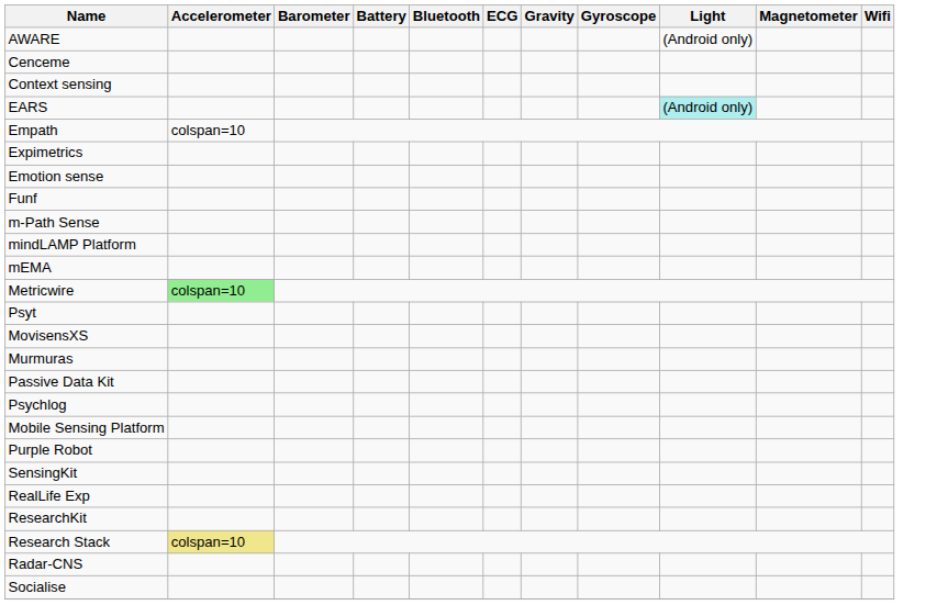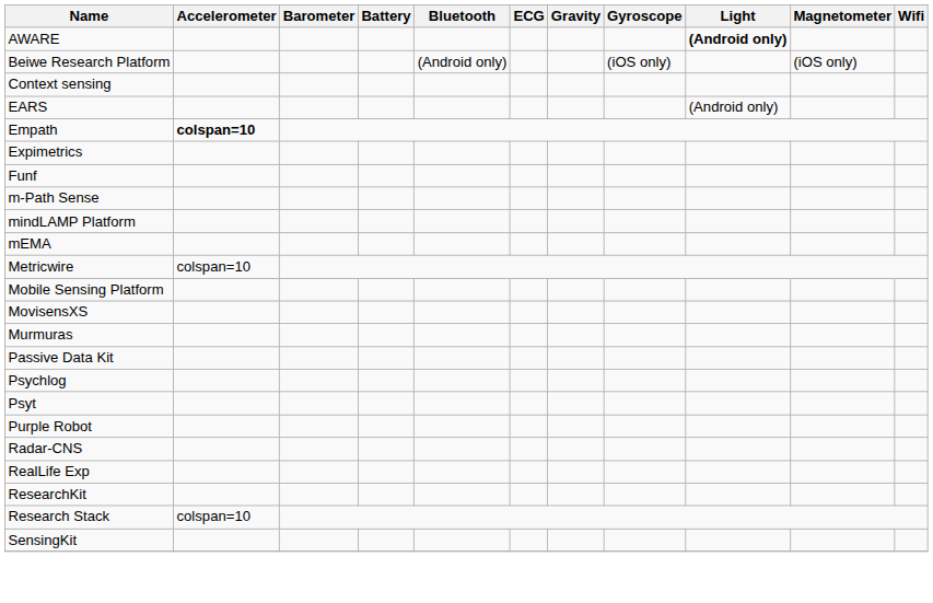 <table class="wikitable sortable">
 <tr>
 <th>Name</th>
 <th>Accelerometer</th>
 <th>Barometer</th>
 <th>Battery</th>
 <th>Bluetooth</th>
 <th>ECG</th>
 <th>Gravity</th>
 <th>Gyroscope</th>
 <th>Light</th>
 <th>Magnetometer</th>
 <th>Wifi</th>
 </tr>
 <tr>
 <td>AWARE</td>
 <td></td>
 <td></td>
 <td></td>
 <td></td>
 <td></td>
 <td></td>
 <td></td>
-<td> (Android only)</td>
+<td><strong> (Android only)</strong></td>
 <td></td>
 <td></td>
 </tr>
 <tr>
-<td>Cenceme</td>
+<td>Beiwe Research Platform</td>
 <td></td>
 <td></td>
 <td></td>
+<td> (Android only)</td>
 <td></td>
 <td></td>
+<td> (iOS only)</td>
 <td></td>
-<td></td>
-<td></td>
-<td></td>
+<td> (iOS only)</td>
 <td></td>
 </tr>
 <tr>
 <td>Context sensing</td>
 <td></td>
 <td></td>
 <td></td>
 <td></td>
 <td></td>
 <td></td>
 <td></td>
 <td></td>
 <td></td>
 <td></td>
 </tr>
 <tr>
 <td>EARS</td>
 <td></td>
 <td></td>
 <td></td>
 <td></td>
 <td></td>
 <td></td>
 <td></td>
-<td style="background: paleturquoise;"> (Android only)</td>
+<td> (Android only)</td>
 <td></td>
 <td></td>
 </tr>
 <tr>
 <td>Empath</td>
-<td>colspan=10 </td>
+<td><strong>colspan=10 </strong></td>
 </tr>
 <tr>
 <td>Expimetrics</td>
-<td></td>
-<td></td>
-<td></td>
-<td></td>
-<td></td>
-<td></td>
-<td></td>
-<td></td>
-<td></td>
-<td></td>
-</tr>
-<tr>
-<td>Emotion sense</td>
 <td></td>
 <td></td>
 <td></td>
 <td></td>
 <td></td>
 <td></td>
 <td></td>
 <td></td>
 <td></td>
 <td></td>
 </tr>
 <tr>
 <td>Funf</td>
 <td></td>
 <td></td>
 <td></td>
 <td></td>
 <td></td>
 <td></td>
 <td></td>
 <td></td>
 <td></td>
 <td></td>
 </tr>
 <tr>
 <td>m-Path Sense</td>
 <td></td>
 <td></td>
 <td></td>
 <td></td>
 <td></td>
 <td></td>
 <td></td>
 <td></td>
 <td></td>
 <td></td>
 </tr>
 <tr>
 <td>mindLAMP Platform</td>
 <td></td>
 <td></td>
 <td></td>
 <td></td>
 <td></td>
 <td></td>
 <td></td>
 <td></td>
 <td></td>
 <td></td>
 </tr>
 <tr>
 <td>mEMA</td>
 <td></td>
 <td></td>
 <td></td>
 <td></td>
 <td></td>
 <td></td>
 <td></td>
 <td></td>
 <td></td>
 <td></td>
 </tr>
 <tr>
 <td>Metricwire</td>
-<td style="background: lightgreen;">colspan=10 </td>
+<td>colspan=10 </td>
 </tr>
 <tr>
-<td>Psyt</td>
+<td>Mobile Sensing Platform</td>
 <td></td>
 <td></td>
 <td></td>
 <td></td>
 <td></td>
 <td></td>
 <td></td>
 <td></td>
 <td></td>
 <td></td>
 </tr>
 <tr>
 <td>MovisensXS</td>
 <td></td>
 <td></td>
 <td></td>
 <td></td>
 <td></td>
 <td></td>
 <td></td>
 <td></td>
 <td></td>
 <td></td>
 </tr>
 <tr>
 <td>Murmuras</td>
 <td></td>
 <td></td>
 <td></td>
 <td></td>
 <td></td>
 <td></td>
 <td></td>
 <td></td>
 <td></td>
 <td></td>
 </tr>
 <tr>
 <td>Passive Data Kit</td>
 <td></td>
 <td></td>
 <td></td>
 <td></td>
 <td></td>
 <td></td>
 <td></td>
 <td></td>
 <td></td>
 <td></td>
 </tr>
 <tr>
 <td>Psychlog</td>
 <td></td>
 <td></td>
 <td></td>
 <td></td>
 <td></td>
 <td></td>
 <td></td>
 <td></td>
 <td></td>
 <td></td>
 </tr>
 <tr>
-<td>Mobile Sensing Platform</td>
+<td>Psyt</td>
 <td></td>
 <td></td>
 <td></td>
 <td></td>
 <td></td>
 <td></td>
 <td></td>
 <td></td>
 <td></td>
 <td></td>
 </tr>
 <tr>
 <td>Purple Robot</td>
 <td></td>
 <td></td>
 <td></td>
 <td></td>
 <td></td>
 <td></td>
 <td></td>
 <td></td>
 <td></td>
 <td></td>
 </tr>
 <tr>
-<td>SensingKit</td>
+<td>Radar-CNS</td>
 <td></td>
 <td></td>
 <td></td>
 <td></td>
 <td></td>
 <td></td>
 <td></td>
 <td></td>
 <td></td>
 <td></td>
 </tr>
 <tr>
 <td>RealLife Exp</td>
 <td></td>
 <td></td>
 <td></td>
 <td></td>
 <td></td>
 <td></td>
 <td></td>
 <td></td>
 <td></td>
 <td></td>
 </tr>
 <tr>
 <td>ResearchKit</td>
 <td></td>
 <td></td>
 <td></td>
 <td></td>
 <td></td>
 <td></td>
 <td></td>
 <td></td>
 <td></td>
 <td></td>
 </tr>
 <tr>
 <td>Research Stack</td>
-<td style="background: khaki;">colspan=10 </td>
+<td>colspan=10 </td>
 </tr>
 <tr>
-<td>Radar-CNS</td>
-<td></td>
-<td></td>
-<td></td>
-<td></td>
-<td></td>
-<td></td>
-<td></td>
-<td></td>
-<td></td>
-<td></td>
-</tr>
-<tr>
-<td>Socialise</td>
+<td>SensingKit</td>
 <td></td>
 <td></td>
 <td></td>
 <td></td>
 <td></td>
 <td></td>
 <td></td>
 <td></td>
 <td></td>
 <td></td>
 </tr>
 <tr>
 </tr>
 </table>
